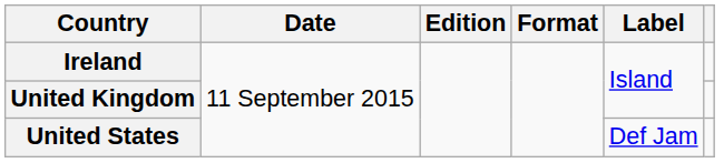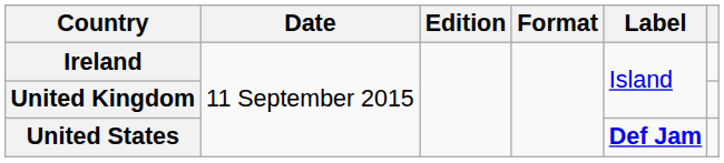 <table class="wikitable plainrowheaders">
 <tr>
 <th scope="col">Country</th>
 <th scope="col">Date</th>
 <th scope="col">Edition</th>
 <th scope="col">Format</th>
 <th scope="col">Label</th>
 <th scope="col"></th>
 </tr>
 <tr>
 <th scope="row">Ireland</th>
 <td rowspan="3">11 September 2015</td>
 <td rowspan="3"></td>
 <td rowspan="3"></td>
 <td rowspan="2"><a href='#'>Island</a></td>
 <td style="text-align:center;"></td>
 </tr>
 <tr>
 <th scope="row">United Kingdom</th>
 <td style="text-align:center;"></td>
 </tr>
 <tr>
 <th scope="row">United States</th>
-<td><a href='#'>Def Jam</a></td>
+<td><strong><a href='#'>Def Jam</a></strong></td>
 <td style="text-align:center;"></td>
 </tr>
 </table>
